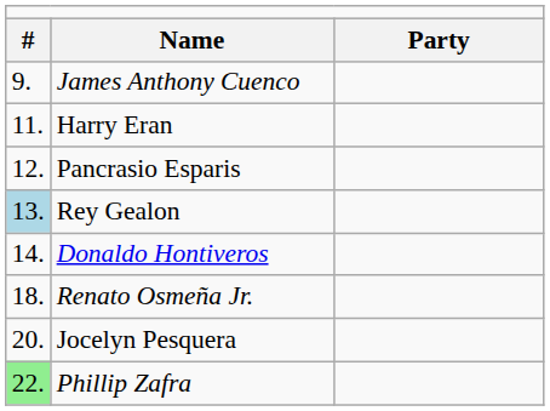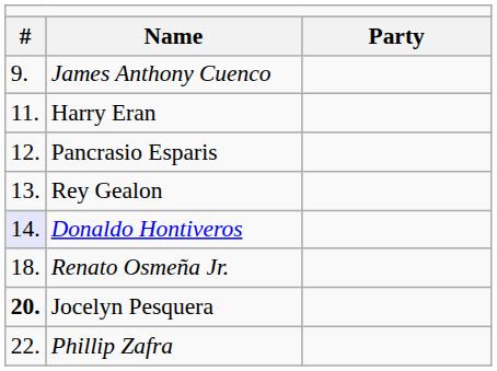 <table class=wikitable style="font-size:90%">
 <tr>
 <td colspan=4 bgcolor=></td>
 </tr>
 <tr>
 <th>#</th>
 <th width=150px>Name</th>
 <th colspan=2 width=110px>Party</th>
 </tr>
 <tr>
 <td>9.</td>
 <td><em>James Anthony Cuenco</em></td>
 <td></td>
 </tr>
 <tr>
 <td>11.</td>
 <td>Harry Eran</td>
 <td></td>
 </tr>
 <tr>
 <td>12.</td>
 <td>Pancrasio Esparis</td>
 <td></td>
 </tr>
 <tr>
-<td style="background: lightblue;">13.</td>
+<td>13.</td>
 <td>Rey Gealon</td>
 <td></td>
 </tr>
 <tr>
-<td>14.</td>
+<td style="background: lavender;">14.</td>
 <td><em><a href='#'>Donaldo Hontiveros</a></em></td>
 <td></td>
 </tr>
 <tr>
 <td>18.</td>
 <td><em>Renato Osmeña Jr.</em></td>
 <td></td>
 </tr>
 <tr>
-<td>20.</td>
+<td><strong>20.</strong></td>
 <td>Jocelyn Pesquera</td>
 <td></td>
 </tr>
 <tr>
-<td style="background: lightgreen;">22.</td>
+<td>22.</td>
 <td><em>Phillip Zafra</em></td>
 <td></td>
 </tr>
 </table>
